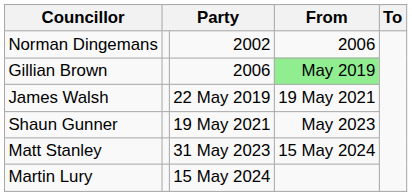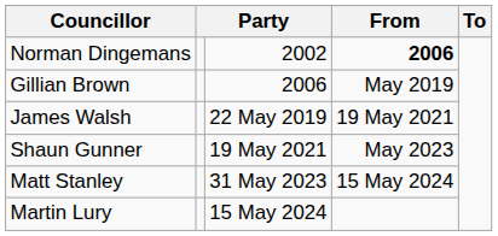 <table class=wikitable>
 <tr>
 <th>Councillor</th>
 <th colspan=2>Party</th>
 <th>From</th>
 <th>To</th>
 </tr>
 <tr>
 <td>Norman Dingemans</td>
 <td></td>
 <td align=right>2002</td>
-<td align=right>2006</td>
+<td align=right><strong>2006</strong></td>
 </tr>
 <tr>
 <td>Gillian Brown</td>
 <td></td>
 <td align=right>2006</td>
-<td align=right style="background: lightgreen;">May 2019</td>
+<td align=right>May 2019</td>
 </tr>
 <tr>
 <td>James Walsh</td>
 <td></td>
 <td align=right>22 May 2019</td>
 <td align=right>19 May 2021</td>
 </tr>
 <tr>
 <td>Shaun Gunner</td>
 <td></td>
 <td align=right>19 May 2021</td>
 <td align=right>May 2023</td>
 </tr>
 <tr>
 <td>Matt Stanley</td>
 <td></td>
 <td align=right>31 May 2023</td>
 <td align=right>15 May 2024</td>
 </tr>
 <tr>
 <td>Martin Lury</td>
 <td></td>
 <td align=right>15 May 2024</td>
 <td align=right></td>
 </tr>
 </table>
